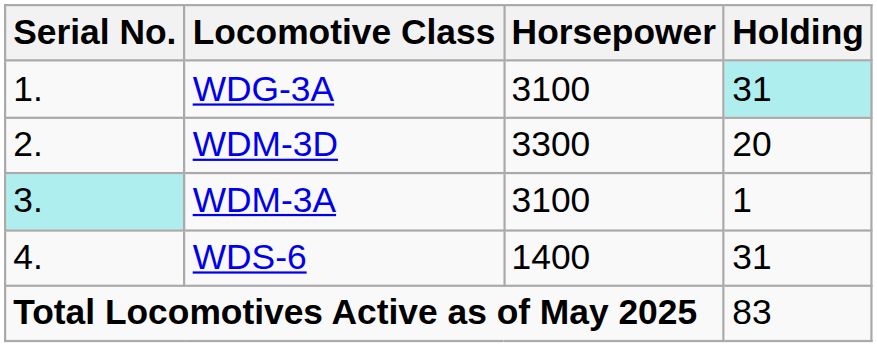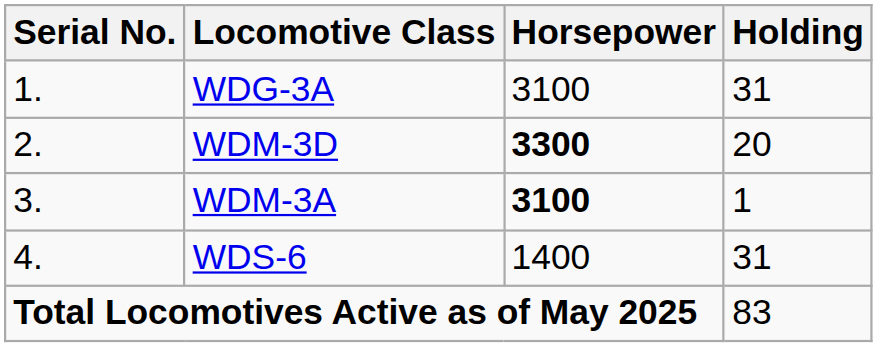 <table class="wikitable">
 <tr>
 <th>Serial No.</th>
 <th>Locomotive Class</th>
 <th>Horsepower</th>
 <th>Holding</th>
 </tr>
 <tr>
 <td>1.</td>
 <td><a href='#'>WDG-3A</a></td>
 <td>3100</td>
-<td style="background: paleturquoise;">31</td>
+<td>31</td>
 </tr>
 <tr>
 <td>2.</td>
 <td><a href='#'>WDM-3D</a></td>
-<td>3300</td>
+<td><strong>3300</strong></td>
 <td>20</td>
 </tr>
 <tr>
-<td style="background: paleturquoise;">3.</td>
+<td>3.</td>
 <td><a href='#'>WDM-3A</a></td>
-<td>3100</td>
+<td><strong>3100</strong></td>
 <td>1</td>
 </tr>
 <tr>
 <td>4.</td>
 <td><a href='#'>WDS-6</a></td>
 <td>1400</td>
 <td>31</td>
 </tr>
 <tr>
 <td colspan="3"><strong>Total Locomotives Active as of May 2025</strong></td>
 <td>83</td>
 </tr>
 </table>
